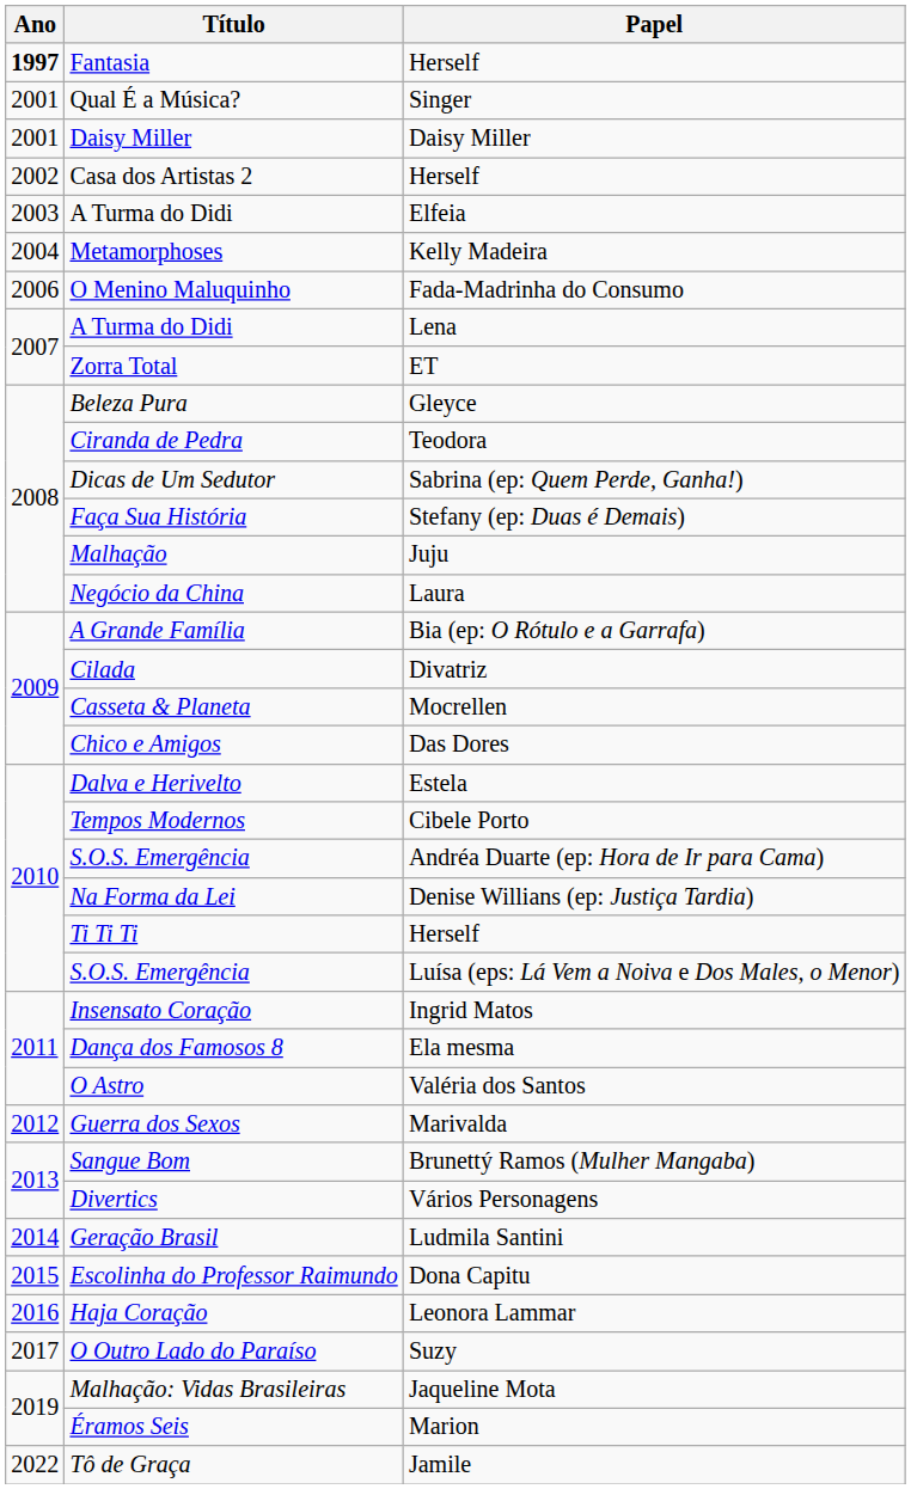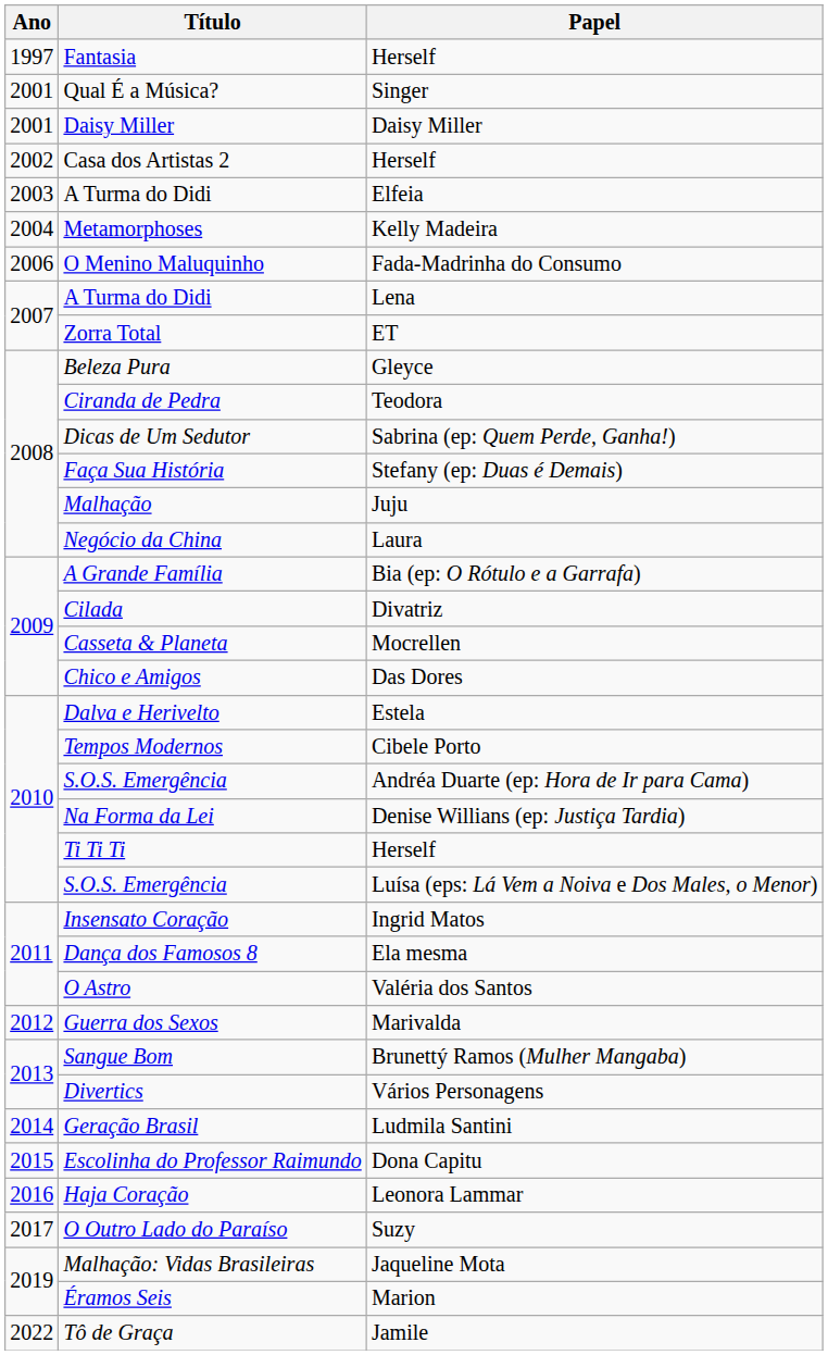 <table class="wikitable">
 <tr>
 <th>Ano</th>
 <th>Título</th>
 <th>Papel</th>
 </tr>
 <tr>
-<td><strong>1997</strong></td>
+<td>1997</td>
 <td><a href='#'>Fantasia</a></td>
 <td>Herself</td>
 </tr>
 <tr>
 <td>2001</td>
 <td>Qual É a Música?</td>
 <td>Singer</td>
 </tr>
 <tr>
 <td>2001</td>
 <td><a href='#'>Daisy Miller</a></td>
 <td>Daisy Miller</td>
 </tr>
 <tr>
 <td>2002</td>
 <td Casa dos Artistas>Casa dos Artistas 2</td>
 <td>Herself</td>
 </tr>
 <tr>
 <td>2003</td>
 <td>A Turma do Didi</td>
 <td>Elfeia</td>
 </tr>
 <tr>
 <td>2004</td>
 <td><a href='#'>Metamorphoses</a></td>
 <td>Kelly Madeira</td>
 </tr>
 <tr>
 <td>2006</td>
 <td><a href='#'>O Menino Maluquinho</a></td>
 <td>Fada-Madrinha do Consumo</td>
 </tr>
 <tr>
 <td rowspan="2">2007</td>
 <td><a href='#'>A Turma do Didi</a></td>
 <td>Lena</td>
 </tr>
 <tr>
 <td><a href='#'>Zorra Total</a></td>
 <td>ET</td>
 </tr>
 <tr>
 <td rowspan="6">2008</td>
 <td><em>Beleza Pura</em></td>
 <td>Gleyce</td>
 </tr>
 <tr>
 <td><em><a href='#'>Ciranda de Pedra</a></em></td>
 <td>Teodora</td>
 </tr>
 <tr>
 <td><em>Dicas de Um Sedutor</em></td>
 <td>Sabrina (ep: <em>Quem Perde, Ganha!</em>)</td>
 </tr>
 <tr>
 <td><em><a href='#'>Faça Sua História</a></em></td>
 <td>Stefany (ep: <em>Duas é Demais</em>)</td>
 </tr>
 <tr>
 <td><em><a href='#'>Malhação</a></em></td>
 <td>Juju</td>
 </tr>
 <tr>
 <td><em><a href='#'>Negócio da China</a></em></td>
 <td>Laura</td>
 </tr>
 <tr>
 <td rowspan="4"><a href='#'>2009</a></td>
 <td><em><a href='#'>A Grande Família</a></em></td>
 <td>Bia (ep: <em>O Rótulo e a Garrafa</em>)</td>
 </tr>
 <tr>
 <td><em><a href='#'>Cilada</a></em></td>
 <td>Divatriz</td>
 </tr>
 <tr>
 <td><em><a href='#'>Casseta & Planeta</a></em></td>
 <td>Mocrellen</td>
 </tr>
 <tr>
 <td><em><a href='#'>Chico e Amigos</a></em></td>
 <td>Das Dores</td>
 </tr>
 <tr>
 <td rowspan="6"><a href='#'>2010</a></td>
 <td><em><a href='#'>Dalva e Herivelto</a></em></td>
 <td>Estela</td>
 </tr>
 <tr>
 <td><em><a href='#'>Tempos Modernos</a></em></td>
 <td>Cibele Porto</td>
 </tr>
 <tr>
 <td><em><a href='#'>S.O.S. Emergência</a></em></td>
 <td>Andréa Duarte (ep: <em>Hora de Ir para Cama</em>)</td>
 </tr>
 <tr>
 <td><em><a href='#'>Na Forma da Lei</a></em></td>
 <td>Denise Willians (ep: <em>Justiça Tardia</em>)</td>
 </tr>
 <tr>
 <td><em><a href='#'>Ti Ti Ti</a></em></td>
 <td>Herself</td>
 </tr>
 <tr>
 <td><em><a href='#'>S.O.S. Emergência</a></em></td>
 <td>Luísa (eps: <em>Lá Vem a Noiva</em> e <em>Dos Males, o Menor</em>)</td>
 </tr>
 <tr>
 <td rowspan="3"><a href='#'>2011</a></td>
 <td><em><a href='#'>Insensato Coração</a></em></td>
 <td>Ingrid Matos </td>
 </tr>
 <tr>
 <td><em><a href='#'>Dança dos Famosos 8</a></em></td>
 <td>Ela mesma</td>
 </tr>
 <tr>
 <td><em><a href='#'>O Astro</a></em></td>
 <td>Valéria dos Santos </td>
 </tr>
 <tr>
 <td><a href='#'>2012</a></td>
 <td><em><a href='#'>Guerra dos Sexos</a></em></td>
 <td>Marivalda</td>
 </tr>
 <tr>
 <td rowspan="2"><a href='#'>2013</a></td>
 <td><em><a href='#'>Sangue Bom</a></em></td>
 <td>Brunettý Ramos (<em>Mulher Mangaba</em>) </td>
 </tr>
 <tr>
 <td><em><a href='#'>Divertics</a></em></td>
 <td>Vários Personagens </td>
 </tr>
 <tr>
 <td><a href='#'>2014</a></td>
 <td><em><a href='#'>Geração Brasil</a></em></td>
 <td>Ludmila Santini</td>
 </tr>
 <tr>
 <td><a href='#'>2015</a></td>
 <td><em><a href='#'>Escolinha do Professor Raimundo</a></em></td>
 <td>Dona Capitu </td>
 </tr>
 <tr>
 <td><a href='#'>2016</a></td>
 <td><em><a href='#'>Haja Coração</a></em></td>
 <td>Leonora Lammar</td>
 </tr>
 <tr>
 <td>2017</td>
 <td><em><a href='#'>O Outro Lado do Paraíso</a></em></td>
 <td>Suzy</td>
 </tr>
 <tr>
 <td rowspan="2">2019</td>
 <td><em>Malhação: Vidas Brasileiras</em></td>
 <td>Jaqueline Mota</td>
 </tr>
 <tr>
 <td><em><a href='#'>Éramos Seis</a></em></td>
 <td>Marion</td>
 </tr>
 <tr>
 <td>2022</td>
 <td><em>Tô de Graça</em></td>
 <td>Jamile</td>
 </tr>
 </table>
